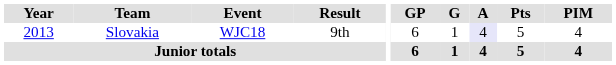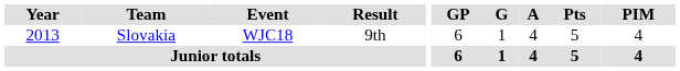 <table border="0" cellpadding="1" cellspacing="0" ID="Table3" style="text-align:center; width:40em">
 <tr ALIGN="center" bgcolor="#e0e0e0">
 <th>Year</th>
 <th>Team</th>
 <th>Event</th>
 <th>Result</th>
 <th rowspan="99" bgcolor="#ffffff"></th>
 <th>GP</th>
 <th>G</th>
 <th>A</th>
 <th>Pts</th>
 <th>PIM</th>
 </tr>
 <tr>
 <td><a href='#'>2013</a></td>
 <td><a href='#'>Slovakia</a></td>
 <td><a href='#'>WJC18</a></td>
 <td>9th</td>
 <td>6</td>
 <td>1</td>
-<td style="background: lavender;">4</td>
+<td>4</td>
 <td>5</td>
 <td>4</td>
 </tr>
 <tr bgcolor="#e0e0e0">
 <th colspan="4">Junior totals</th>
 <th>6</th>
 <th>1</th>
 <th>4</th>
 <th>5</th>
 <th>4</th>
 </tr>
 </table>
